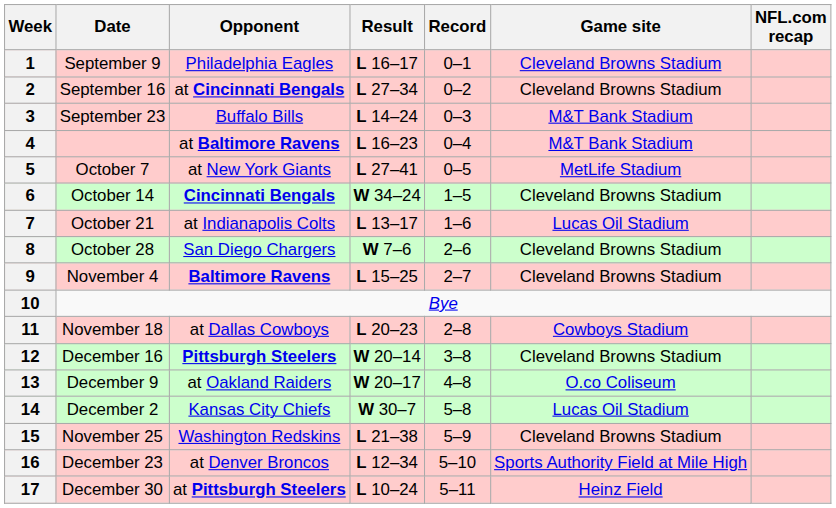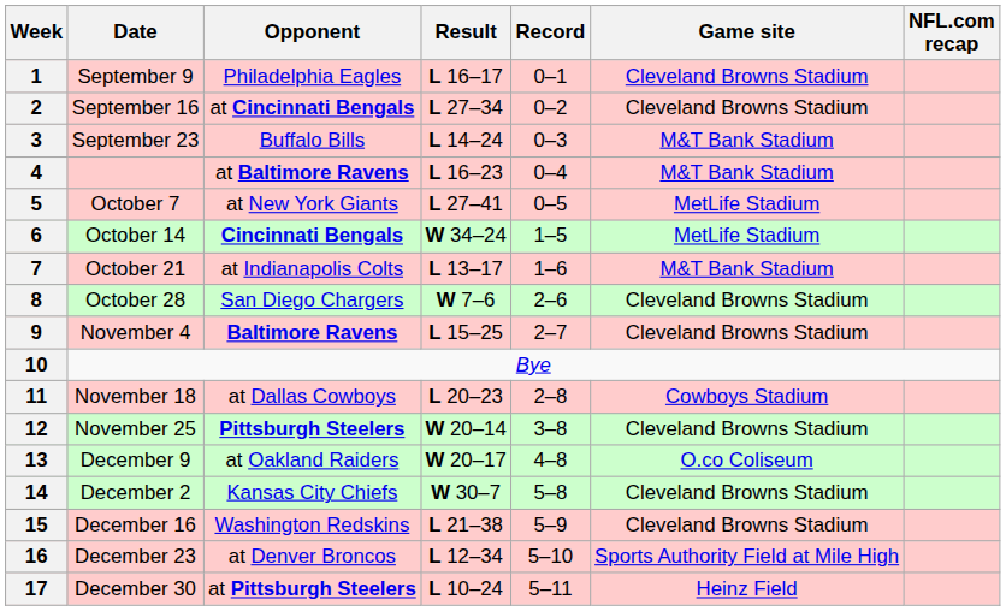 <table class="wikitable" style="text-align:center">
 <tr>
 <th>Week</th>
 <th>Date</th>
 <th>Opponent</th>
 <th>Result</th>
 <th>Record</th>
 <th>Game site</th>
 <th>NFL.com<br>recap</th>
 </tr>
 <tr style="background:#fcc">
 <th>1</th>
 <td>September 9</td>
 <td><a href='#'>Philadelphia Eagles</a></td>
 <td><strong>L</strong> 16–17</td>
 <td>0–1</td>
 <td><a href='#'>Cleveland Browns Stadium</a></td>
 <td></td>
 </tr>
 <tr style="background:#fcc">
 <th>2</th>
 <td>September 16</td>
 <td>at <strong><a href='#'>Cincinnati Bengals</a></strong></td>
 <td><strong>L</strong> 27–34</td>
 <td>0–2</td>
 <td>Cleveland Browns Stadium</td>
 <td></td>
 </tr>
 <tr style="background:#fcc">
 <th>3</th>
 <td>September 23</td>
 <td><a href='#'>Buffalo Bills</a></td>
 <td><strong>L</strong> 14–24</td>
 <td>0–3</td>
 <td><a href='#'>M&T Bank Stadium</a></td>
 <td></td>
 </tr>
 <tr style="background:#fcc">
 <th>4</th>
 <td></td>
 <td>at <strong><a href='#'>Baltimore Ravens</a></strong></td>
 <td><strong>L</strong> 16–23</td>
 <td>0–4</td>
 <td><a href='#'>M&T Bank Stadium</a></td>
 <td></td>
 </tr>
 <tr style="background:#fcc">
 <th>5</th>
 <td>October 7</td>
 <td>at <a href='#'>New York Giants</a></td>
 <td><strong>L</strong> 27–41</td>
 <td>0–5</td>
 <td><a href='#'>MetLife Stadium</a></td>
 <td></td>
 </tr>
 <tr style="background:#cfc">
 <th>6</th>
 <td>October 14</td>
 <td><strong><a href='#'>Cincinnati Bengals</a></strong></td>
 <td><strong>W</strong> 34–24</td>
 <td>1–5</td>
-<td>Cleveland Browns Stadium</td>
+<td><a href='#'>MetLife Stadium</a></td>
 <td></td>
 </tr>
 <tr style="background:#fcc">
 <th>7</th>
 <td>October 21</td>
 <td>at <a href='#'>Indianapolis Colts</a></td>
 <td><strong>L</strong> 13–17</td>
 <td>1–6</td>
-<td><a href='#'>Lucas Oil Stadium</a></td>
+<td><a href='#'>M&T Bank Stadium</a></td>
 <td></td>
 </tr>
 <tr style="background:#cfc">
 <th>8</th>
 <td>October 28</td>
 <td><a href='#'>San Diego Chargers</a></td>
 <td><strong>W</strong> 7–6</td>
 <td>2–6</td>
 <td>Cleveland Browns Stadium</td>
 <td></td>
 </tr>
 <tr style="background:#fcc">
 <th>9</th>
 <td>November 4</td>
 <td><strong><a href='#'>Baltimore Ravens</a></strong></td>
 <td><strong>L</strong> 15–25</td>
 <td>2–7</td>
 <td>Cleveland Browns Stadium</td>
 <td></td>
 </tr>
 <tr>
 <th>10</th>
 <td colspan="6"><em><a href='#'>Bye</a></em></td>
 </tr>
 <tr style="background:#fcc">
 <th>11</th>
 <td>November 18</td>
 <td>at <a href='#'>Dallas Cowboys</a></td>
 <td><strong>L</strong> 20–23 </td>
 <td>2–8</td>
 <td><a href='#'>Cowboys Stadium</a></td>
 <td></td>
 </tr>
 <tr style="background:#cfc">
 <th>12</th>
-<td>December 16</td>
+<td>November 25</td>
 <td><strong><a href='#'>Pittsburgh Steelers</a></strong></td>
 <td><strong>W</strong> 20–14</td>
 <td>3–8</td>
 <td>Cleveland Browns Stadium</td>
 <td></td>
 </tr>
 <tr style="background:#cfc">
 <th>13</th>
 <td>December 9</td>
 <td>at <a href='#'>Oakland Raiders</a></td>
 <td><strong>W</strong> 20–17</td>
 <td>4–8</td>
 <td><a href='#'>O.co Coliseum</a></td>
 <td></td>
 </tr>
 <tr style="background:#cfc">
 <th>14</th>
 <td>December 2</td>
 <td><a href='#'>Kansas City Chiefs</a></td>
 <td><strong>W</strong> 30–7</td>
 <td>5–8</td>
-<td><a href='#'>Lucas Oil Stadium</a></td>
+<td>Cleveland Browns Stadium</td>
 <td></td>
 </tr>
 <tr style="background:#fcc">
 <th>15</th>
-<td>November 25</td>
+<td>December 16</td>
 <td><a href='#'>Washington Redskins</a></td>
 <td><strong>L</strong> 21–38</td>
 <td>5–9</td>
 <td>Cleveland Browns Stadium</td>
 <td></td>
 </tr>
 <tr style="background:#fcc">
 <th>16</th>
 <td>December 23</td>
 <td>at <a href='#'>Denver Broncos</a></td>
 <td><strong>L</strong> 12–34</td>
 <td>5–10</td>
 <td><a href='#'>Sports Authority Field at Mile High</a></td>
 <td></td>
 </tr>
 <tr style="background:#fcc">
 <th>17</th>
 <td>December 30</td>
 <td>at <strong><a href='#'>Pittsburgh Steelers</a></strong></td>
 <td><strong>L</strong> 10–24</td>
 <td>5–11</td>
 <td><a href='#'>Heinz Field</a></td>
 <td></td>
 </tr>
 </table>
